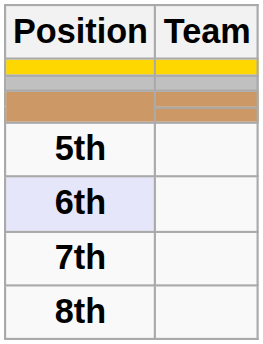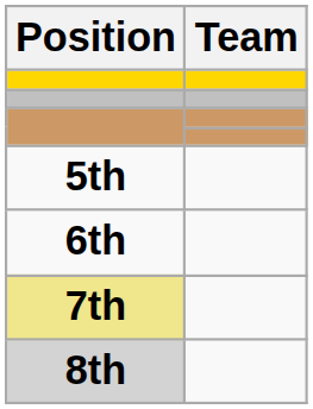 <table class="wikitable" style="text-align: center;">
 <tr>
 <th>Position</th>
 <th>Team</th>
 </tr>
 <tr style="background:gold;">
 <td><strong></strong></td>
 <td></td>
 </tr>
 <tr style="background:silver;">
 <td><strong></strong></td>
 <td></td>
 </tr>
 <tr style="background:#c96;">
 <td rowspan=2><strong></strong></td>
 <td></td>
 </tr>
 <tr style="background:#c96;">
 <td></td>
 </tr>
 <tr>
 <td><strong>5th</strong></td>
 <td></td>
 </tr>
 <tr>
-<td style="background: lavender;"><strong>6th</strong></td>
+<td><strong>6th</strong></td>
 <td></td>
 </tr>
 <tr>
-<td><strong>7th</strong></td>
+<td style="background: khaki;"><strong>7th</strong></td>
 <td></td>
 </tr>
 <tr>
-<td><strong>8th</strong></td>
+<td style="background: lightgrey;"><strong>8th</strong></td>
 <td></td>
 </tr>
 </table>
